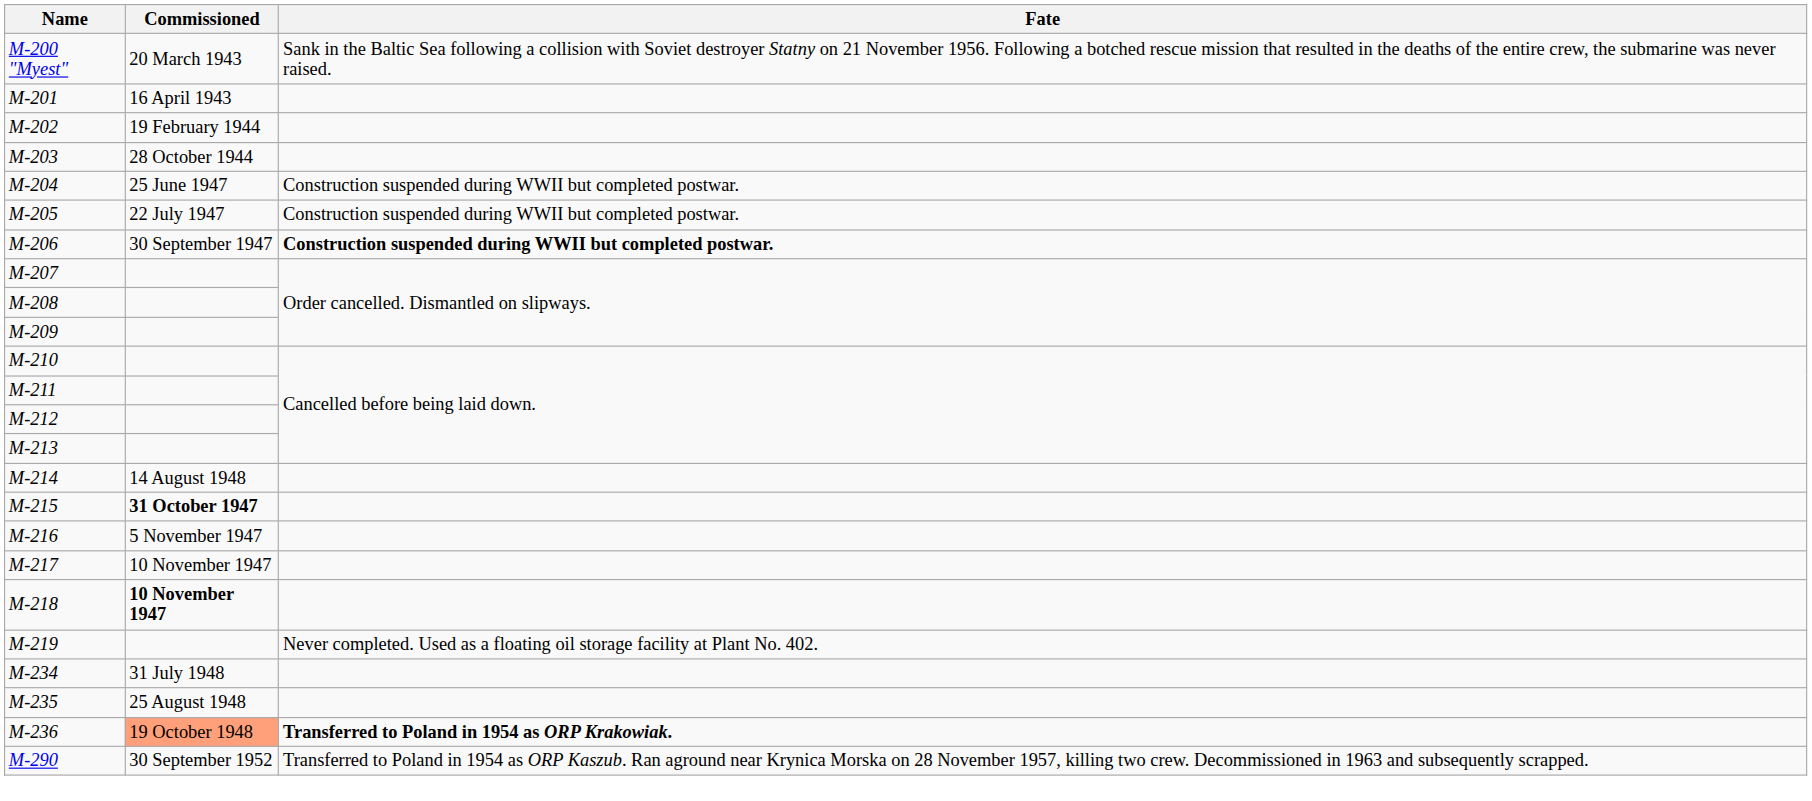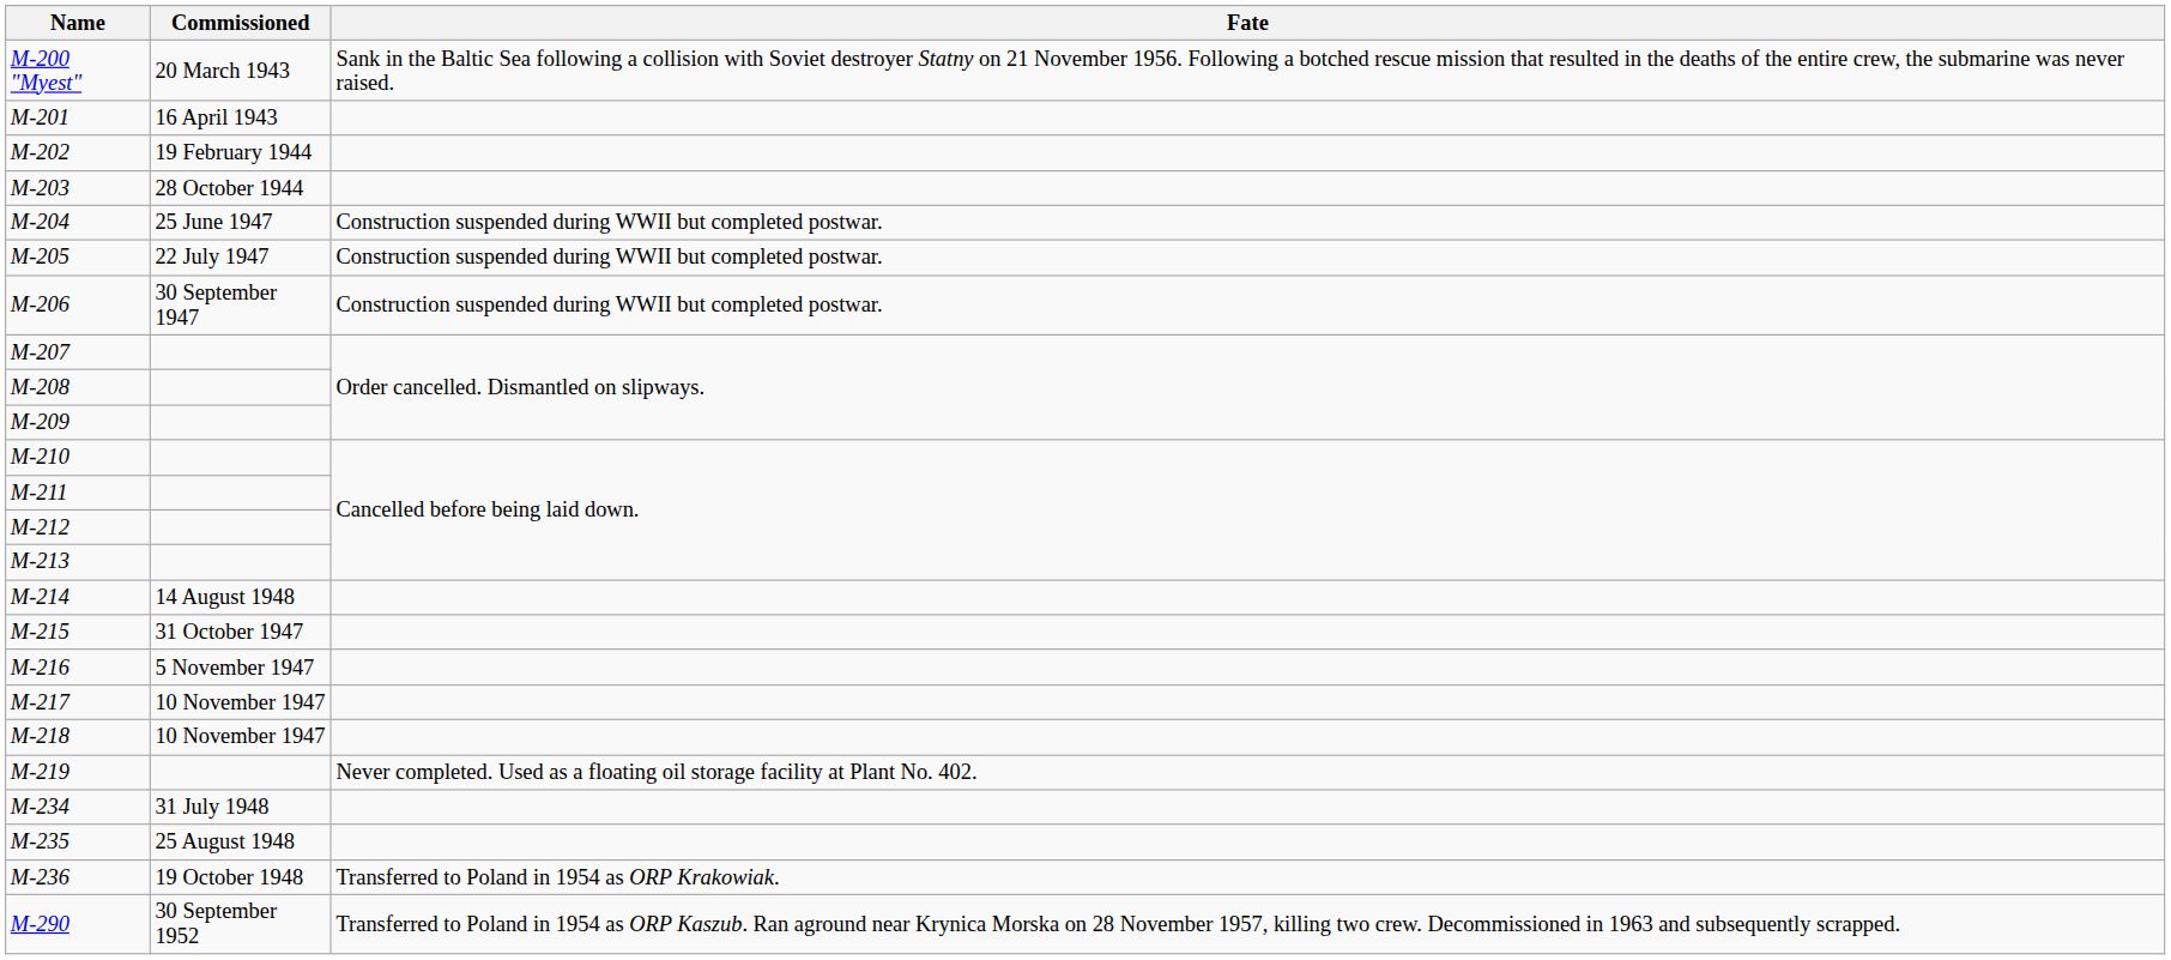 <table class="wikitable">
 <tr>
 <th>Name</th>
 <th>Commissioned</th>
 <th>Fate</th>
 </tr>
 <tr>
 <td><em><a href='#'>M-200 "Myest"</a></em></td>
 <td>20 March 1943</td>
 <td>Sank in the Baltic Sea following a collision with Soviet destroyer <em>Statny</em> on 21 November 1956. Following a botched rescue mission that resulted in the deaths of the entire crew, the submarine was never raised.</td>
 </tr>
 <tr>
 <td><em>M-201</em></td>
 <td>16 April 1943</td>
 <td></td>
 </tr>
 <tr>
 <td><em>M-202</em></td>
 <td>19 February 1944</td>
 <td></td>
 </tr>
 <tr>
 <td><em>M-203</em></td>
 <td>28 October 1944</td>
 <td></td>
 </tr>
 <tr>
 <td><em>M-204</em></td>
 <td>25 June 1947</td>
 <td>Construction suspended during WWII but completed postwar.</td>
 </tr>
 <tr>
 <td><em>M-205</em></td>
 <td>22 July 1947</td>
 <td>Construction suspended during WWII but completed postwar.</td>
 </tr>
 <tr>
 <td><em>M-206</em></td>
 <td>30 September 1947</td>
-<td><strong>Construction suspended during WWII but completed postwar.</strong></td>
+<td>Construction suspended during WWII but completed postwar.</td>
 </tr>
 <tr>
 <td><em>M-207</em></td>
 <td></td>
 <td rowspan="3">Order cancelled. Dismantled on slipways.</td>
 </tr>
 <tr>
 <td><em>M-208</em></td>
 <td></td>
 </tr>
 <tr>
 <td><em>M-209</em></td>
 <td></td>
 </tr>
 <tr>
 <td><em>M-210</em></td>
 <td></td>
 <td rowspan="4">Cancelled before being laid down.</td>
 </tr>
 <tr>
 <td><em>M-211</em></td>
 <td></td>
 </tr>
 <tr>
 <td><em>M-212</em></td>
 <td></td>
 </tr>
 <tr>
 <td><em>M-213</em></td>
 <td></td>
 </tr>
 <tr>
 <td><em>M-214</em></td>
 <td>14 August 1948</td>
 <td></td>
 </tr>
 <tr>
 <td><em>M-215</em></td>
-<td><strong>31 October 1947</strong></td>
+<td>31 October 1947</td>
 <td></td>
 </tr>
 <tr>
 <td><em>M-216</em></td>
 <td>5 November 1947</td>
 <td></td>
 </tr>
 <tr>
 <td><em>M-217</em></td>
 <td>10 November 1947</td>
 <td></td>
 </tr>
 <tr>
 <td><em>M-218</em></td>
-<td><strong>10 November 1947</strong></td>
+<td>10 November 1947</td>
 <td></td>
 </tr>
 <tr>
 <td><em>M-219</em></td>
 <td></td>
 <td>Never completed. Used as a floating oil storage facility at Plant No. 402.</td>
 </tr>
 <tr>
 <td><em>M-234</em></td>
 <td>31 July 1948</td>
 <td></td>
 </tr>
 <tr>
 <td><em>M-235</em></td>
 <td>25 August 1948</td>
 <td></td>
 </tr>
 <tr>
 <td><em>M-236</em></td>
-<td style="background: lightsalmon;">19 October 1948</td>
-<td><strong>Transferred to Poland in 1954 as <em>ORP Krakowiak</em>.</strong></td>
+<td>19 October 1948</td>
+<td>Transferred to Poland in 1954 as <em>ORP Krakowiak</em>.</td>
 </tr>
 <tr>
 <td><em><a href='#'>M-290</a></em></td>
 <td>30 September 1952</td>
 <td>Transferred to Poland in 1954 as <em>ORP Kaszub</em>. Ran aground near Krynica Morska on 28 November 1957, killing two crew. Decommissioned in 1963 and subsequently scrapped.</td>
 </tr>
 </table>
